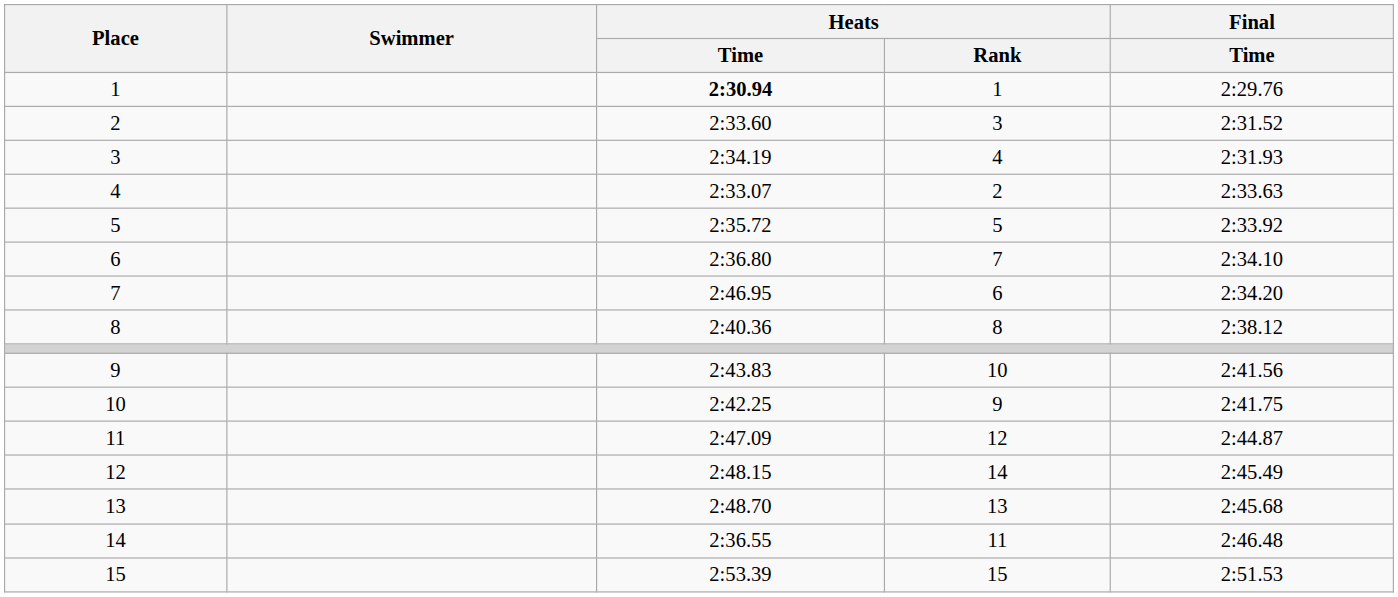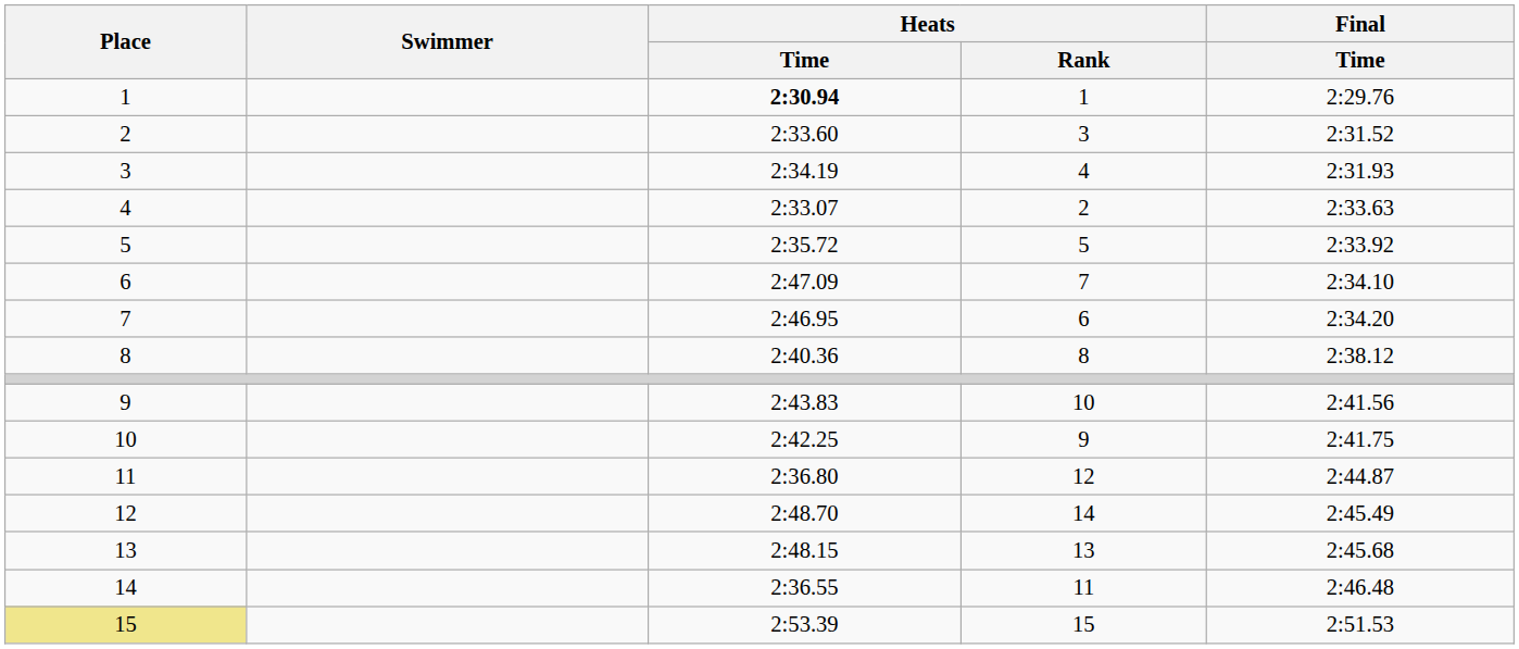 <table class="wikitable" style=" text-align:center; font-size:110%;" width="75%">
 <tr>
 <th rowspan="2">Place</th>
 <th rowspan="2">Swimmer</th>
 <th colspan="2">Heats</th>
 <th>Final</th>
 </tr>
 <tr>
 <th>Time</th>
 <th>Rank</th>
 <th>Time</th>
 </tr>
 <tr>
 <td>1</td>
 <td align="left"></td>
 <td><strong>2:30.94</strong></td>
 <td>1</td>
 <td>2:29.76</td>
 </tr>
 <tr>
 <td>2</td>
 <td align=left></td>
 <td>2:33.60</td>
 <td>3</td>
 <td>2:31.52</td>
 </tr>
 <tr>
 <td>3</td>
 <td align=left></td>
 <td>2:34.19</td>
 <td>4</td>
 <td>2:31.93</td>
 </tr>
 <tr>
 <td>4</td>
 <td align=left></td>
 <td>2:33.07</td>
 <td>2</td>
 <td>2:33.63</td>
 </tr>
 <tr>
 <td>5</td>
 <td align=left></td>
 <td>2:35.72</td>
 <td>5</td>
 <td>2:33.92</td>
 </tr>
 <tr>
 <td>6</td>
 <td align=left></td>
-<td>2:36.80</td>
+<td>2:47.09</td>
 <td>7</td>
 <td>2:34.10</td>
 </tr>
 <tr>
 <td>7</td>
 <td align=left></td>
 <td>2:46.95</td>
 <td>6</td>
 <td>2:34.20</td>
 </tr>
 <tr>
 <td>8</td>
 <td align=left></td>
 <td>2:40.36</td>
 <td>8</td>
 <td>2:38.12</td>
 </tr>
 <tr>
 <td colspan=5 bgcolor=lightgray></td>
 </tr>
 <tr>
 <td>9</td>
 <td align="left"></td>
 <td>2:43.83</td>
 <td>10</td>
 <td>2:41.56</td>
 </tr>
 <tr>
 <td>10</td>
 <td align="left"></td>
 <td>2:42.25</td>
 <td>9</td>
 <td>2:41.75</td>
 </tr>
 <tr>
 <td>11</td>
 <td align="left"></td>
-<td>2:47.09</td>
+<td>2:36.80</td>
 <td>12</td>
 <td>2:44.87</td>
 </tr>
 <tr>
 <td>12</td>
 <td align="left"></td>
-<td>2:48.15</td>
+<td>2:48.70</td>
 <td>14</td>
 <td>2:45.49</td>
 </tr>
 <tr>
 <td>13</td>
 <td align="left"></td>
-<td>2:48.70</td>
+<td>2:48.15</td>
 <td>13</td>
 <td>2:45.68</td>
 </tr>
 <tr>
 <td>14</td>
 <td align="left"></td>
 <td>2:36.55</td>
 <td>11</td>
 <td>2:46.48</td>
 </tr>
 <tr>
-<td>15</td>
+<td style="background: khaki;">15</td>
 <td align="left"></td>
 <td>2:53.39</td>
 <td>15</td>
 <td>2:51.53</td>
 </tr>
 </table>
